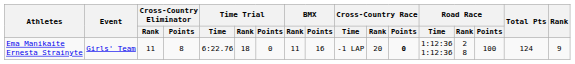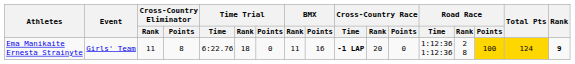 <table class="wikitable" style="font-size:90%;">
 <tr>
 <th rowspan=2>Athletes</th>
 <th rowspan=2>Event</th>
 <th colspan=2>Cross-Country<br>Eliminator</th>
 <th colspan=3>Time Trial</th>
 <th colspan=2>BMX</th>
 <th colspan=3>Cross-Country Race</th>
 <th colspan=3>Road Race</th>
 <th rowspan=2>Total Pts</th>
 <th rowspan=2>Rank</th>
 </tr>
 <tr style="font-size:95%">
 <th>Rank</th>
 <th>Points</th>
 <th>Time</th>
 <th>Rank</th>
 <th>Points</th>
 <th>Rank</th>
 <th>Points</th>
 <th>Time</th>
 <th>Rank</th>
 <th>Points</th>
 <th>Time</th>
 <th>Rank</th>
 <th>Points</th>
 </tr>
 <tr align=center>
 <td align=left><a href='#'>Ema Manikaite</a><br><a href='#'>Ernesta Strainyte</a></td>
 <td align=left><a href='#'>Girls' Team</a></td>
 <td>11</td>
 <td>8</td>
 <td>6:22.76</td>
 <td>18</td>
 <td>0</td>
 <td>11</td>
 <td>16</td>
-<td>-1 LAP</td>
+<td><strong>-1 LAP</strong></td>
 <td>20</td>
-<td><strong>0</strong></td>
+<td>0</td>
 <td>1:12:36<br>1:12:36</td>
 <td>2<br>8</td>
-<td>100</td>
-<td>124</td>
-<td>9</td>
+<td style="background: gold;">100</td>
+<td style="background: gold;">124</td>
+<td><strong>9</strong></td>
 </tr>
 </table>
